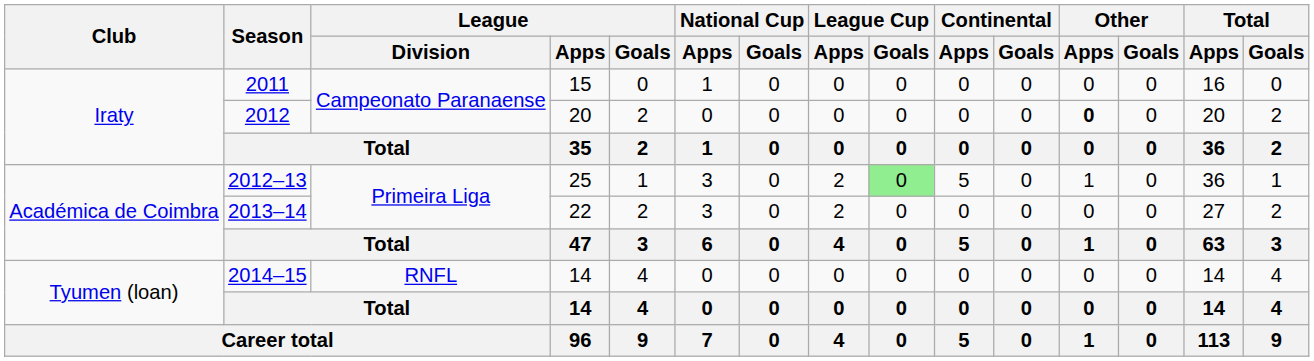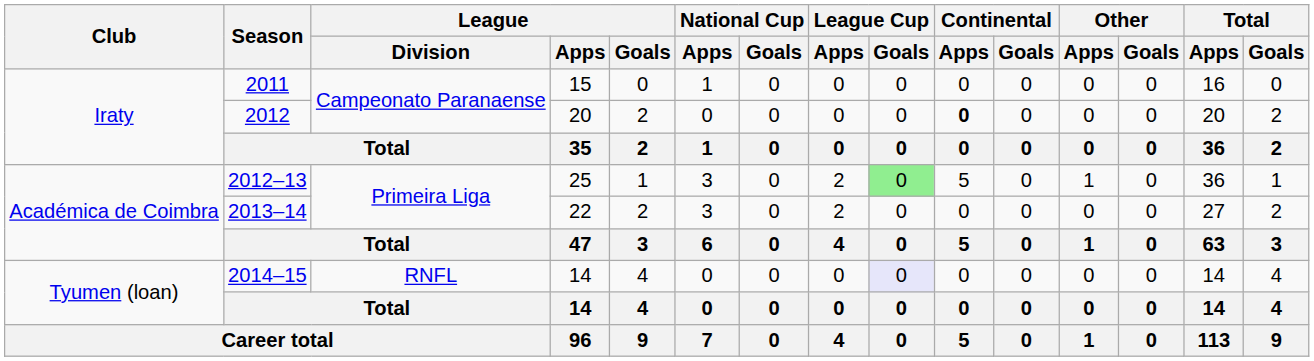 <table class="wikitable" style="text-align: center;">
 <tr>
 <th rowspan="2">Club</th>
 <th rowspan="2">Season</th>
 <th colspan="3">League</th>
 <th colspan="2">National Cup</th>
 <th colspan="2">League Cup</th>
 <th colspan="2">Continental</th>
 <th colspan="2">Other</th>
 <th colspan="2">Total</th>
 </tr>
 <tr>
 <th>Division</th>
 <th>Apps</th>
 <th>Goals</th>
 <th>Apps</th>
 <th>Goals</th>
 <th>Apps</th>
 <th>Goals</th>
 <th>Apps</th>
 <th>Goals</th>
 <th>Apps</th>
 <th>Goals</th>
 <th>Apps</th>
 <th>Goals</th>
 </tr>
 <tr>
 <td rowspan="3" valign="center"><a href='#'>Iraty</a></td>
 <td><a href='#'>2011</a></td>
 <td rowspan="2" valign="center"><a href='#'>Campeonato Paranaense</a></td>
 <td>15</td>
 <td>0</td>
 <td>1</td>
 <td>0</td>
 <td>0</td>
 <td>0</td>
 <td>0</td>
 <td>0</td>
 <td>0</td>
 <td>0</td>
 <td>16</td>
 <td>0</td>
 </tr>
 <tr>
 <td><a href='#'>2012</a></td>
 <td>20</td>
 <td>2</td>
 <td>0</td>
 <td>0</td>
 <td>0</td>
 <td>0</td>
+<td><strong>0</strong></td>
 <td>0</td>
 <td>0</td>
-<td><strong>0</strong></td>
 <td>0</td>
 <td>20</td>
 <td>2</td>
 </tr>
 <tr>
 <th colspan="2">Total</th>
 <th>35</th>
 <th>2</th>
 <th>1</th>
 <th>0</th>
 <th>0</th>
 <th>0</th>
 <th>0</th>
 <th>0</th>
 <th>0</th>
 <th>0</th>
 <th>36</th>
 <th>2</th>
 </tr>
 <tr>
 <td rowspan="3" valign="center"><a href='#'>Académica de Coimbra</a></td>
 <td><a href='#'>2012–13</a></td>
 <td rowspan="2" valign="center"><a href='#'>Primeira Liga</a></td>
 <td>25</td>
 <td>1</td>
 <td>3</td>
 <td>0</td>
 <td>2</td>
 <td style="background: lightgreen;">0</td>
 <td>5</td>
 <td>0</td>
 <td>1</td>
 <td>0</td>
 <td>36</td>
 <td>1</td>
 </tr>
 <tr>
 <td><a href='#'>2013–14</a></td>
 <td>22</td>
 <td>2</td>
 <td>3</td>
 <td>0</td>
 <td>2</td>
 <td>0</td>
 <td>0</td>
 <td>0</td>
 <td>0</td>
 <td>0</td>
 <td>27</td>
 <td>2</td>
 </tr>
 <tr>
 <th colspan="2">Total</th>
 <th>47</th>
 <th>3</th>
 <th>6</th>
 <th>0</th>
 <th>4</th>
 <th>0</th>
 <th>5</th>
 <th>0</th>
 <th>1</th>
 <th>0</th>
 <th>63</th>
 <th>3</th>
 </tr>
 <tr>
 <td rowspan="2" valign="center"><a href='#'>Tyumen</a> (loan)</td>
 <td><a href='#'>2014–15</a></td>
 <td rowspan="1" valign="center"><a href='#'>RNFL</a></td>
 <td>14</td>
 <td>4</td>
 <td>0</td>
 <td>0</td>
 <td>0</td>
-<td>0</td>
+<td style="background: lavender;">0</td>
 <td>0</td>
 <td>0</td>
 <td>0</td>
 <td>0</td>
 <td>14</td>
 <td>4</td>
 </tr>
 <tr>
 <th colspan="2">Total</th>
 <th>14</th>
 <th>4</th>
 <th>0</th>
 <th>0</th>
 <th>0</th>
 <th>0</th>
 <th>0</th>
 <th>0</th>
 <th>0</th>
 <th>0</th>
 <th>14</th>
 <th>4</th>
 </tr>
 <tr>
 <th colspan="3">Career total</th>
 <th>96</th>
 <th>9</th>
 <th>7</th>
 <th>0</th>
 <th>4</th>
 <th>0</th>
 <th>5</th>
 <th>0</th>
 <th>1</th>
 <th>0</th>
 <th>113</th>
 <th>9</th>
 </tr>
 </table>
